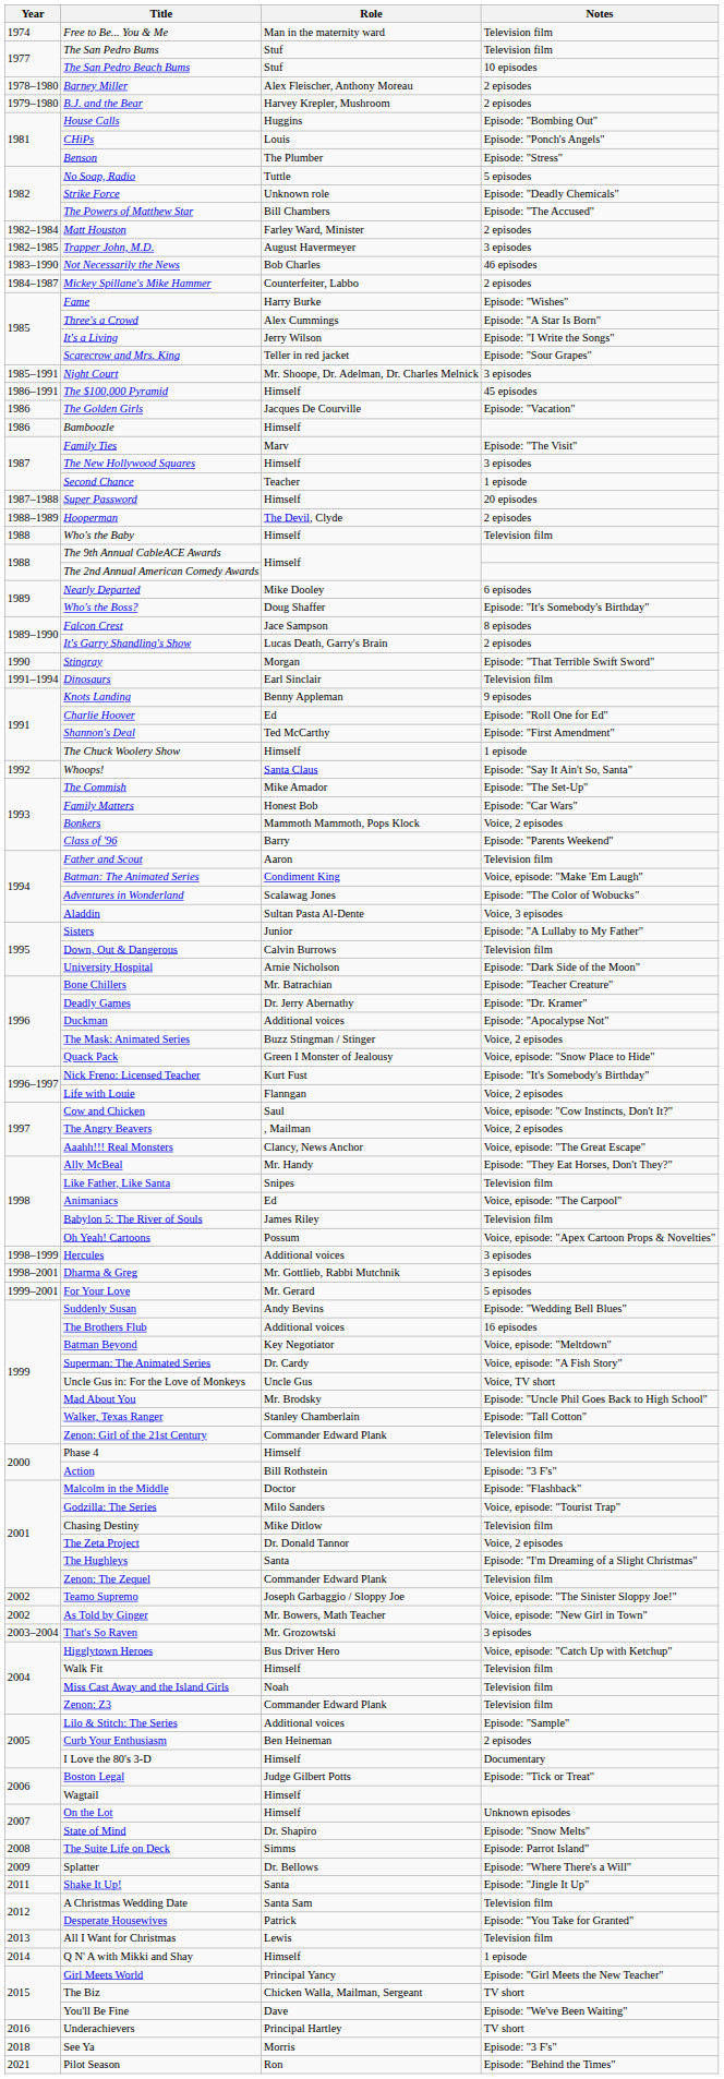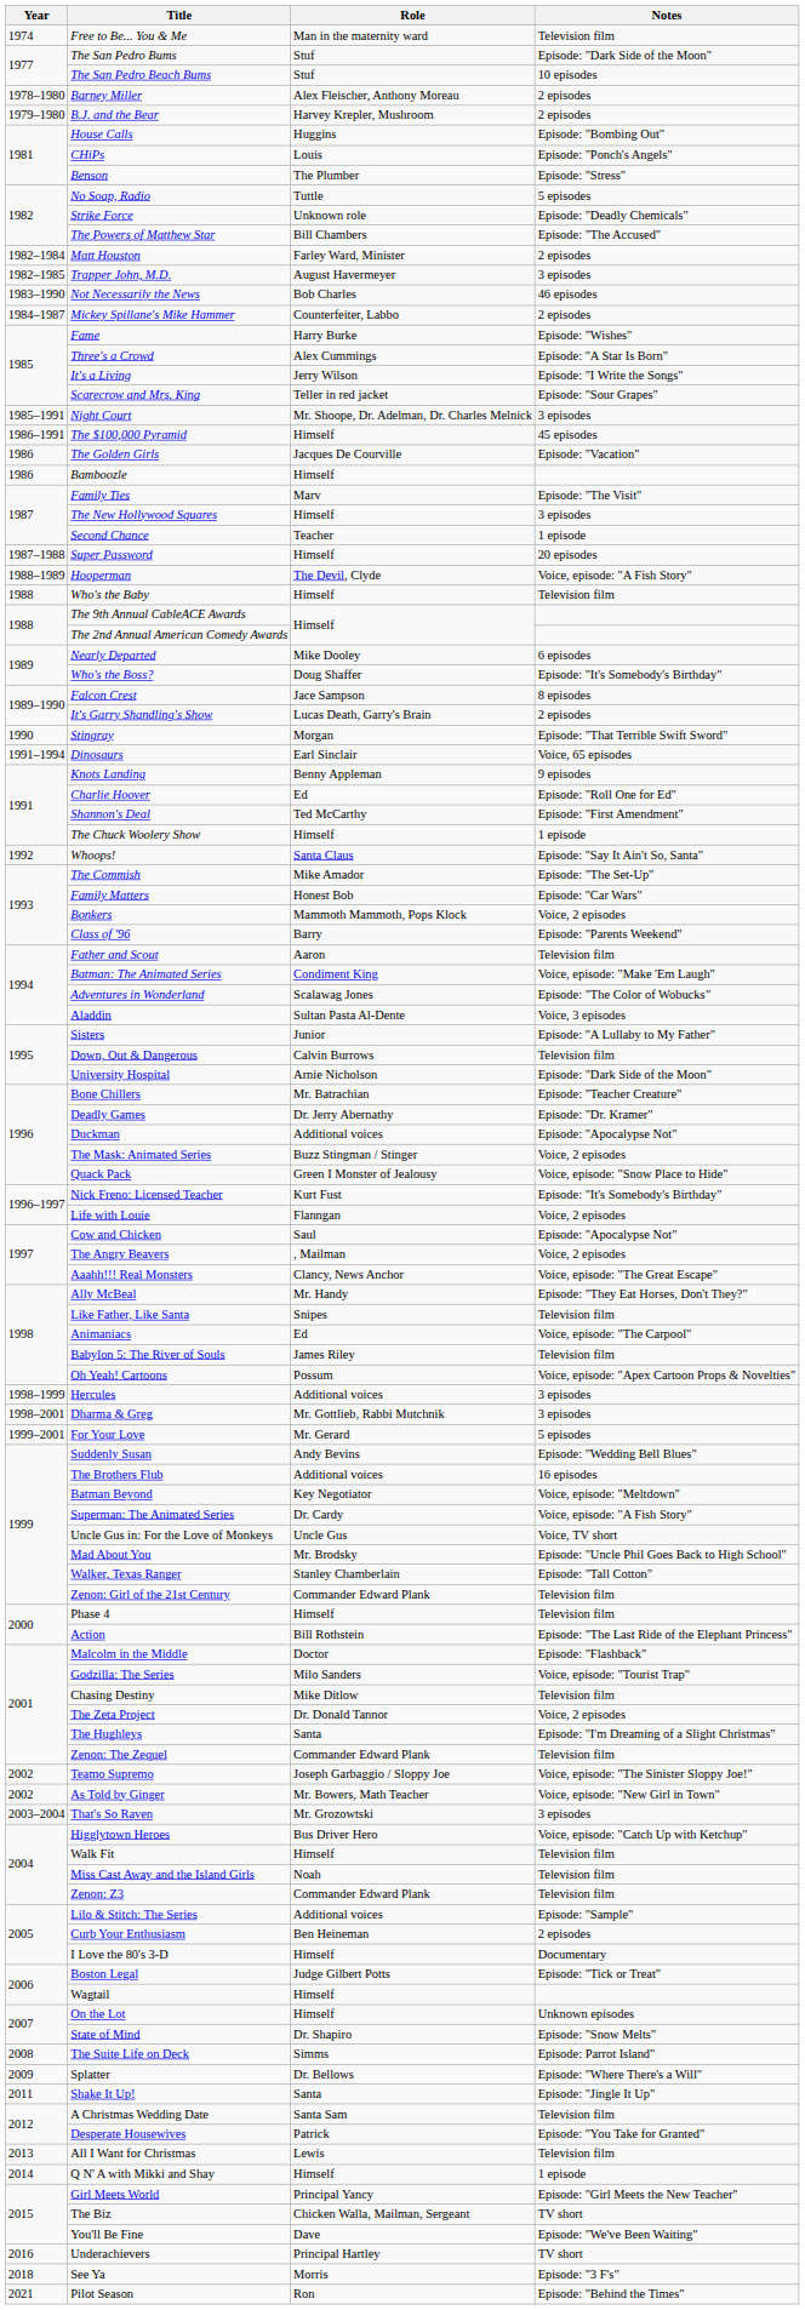 <table class="wikitable sortable">
 <tr>
 <th>Year</th>
 <th>Title</th>
 <th>Role</th>
 <th class="unsortable">Notes</th>
 </tr>
 <tr>
 <td>1974</td>
 <td><em>Free to Be... You & Me</em></td>
 <td>Man in the maternity ward</td>
 <td>Television film</td>
 </tr>
 <tr>
 <td rowspan="2">1977</td>
 <td><em>The San Pedro Bums</em></td>
 <td>Stuf</td>
-<td>Television film</td>
+<td>Episode: "Dark Side of the Moon"</td>
 </tr>
 <tr>
 <td><em><a href='#'>The San Pedro Beach Bums</a></em></td>
 <td>Stuf</td>
 <td>10 episodes</td>
 </tr>
 <tr>
 <td>1978–1980</td>
 <td><em><a href='#'>Barney Miller</a></em></td>
 <td>Alex Fleischer, Anthony Moreau</td>
 <td>2 episodes</td>
 </tr>
 <tr>
 <td>1979–1980</td>
 <td><em><a href='#'>B.J. and the Bear</a></em></td>
 <td>Harvey Krepler, Mushroom</td>
 <td>2 episodes</td>
 </tr>
 <tr>
 <td rowspan="3">1981</td>
 <td><em><a href='#'>House Calls</a></em></td>
 <td>Huggins</td>
 <td>Episode: "Bombing Out"</td>
 </tr>
 <tr>
 <td><em><a href='#'>CHiPs</a></em></td>
 <td>Louis</td>
 <td>Episode: "Ponch's Angels"</td>
 </tr>
 <tr>
 <td><em><a href='#'>Benson</a></em></td>
 <td>The Plumber</td>
 <td>Episode: "Stress"</td>
 </tr>
 <tr>
 <td rowspan="3">1982</td>
 <td><em><a href='#'>No Soap, Radio</a></em></td>
 <td>Tuttle</td>
 <td>5 episodes</td>
 </tr>
 <tr>
 <td><em><a href='#'>Strike Force</a></em></td>
 <td>Unknown role</td>
 <td>Episode: "Deadly Chemicals"</td>
 </tr>
 <tr>
 <td><em><a href='#'>The Powers of Matthew Star</a></em></td>
 <td>Bill Chambers</td>
 <td>Episode: "The Accused"</td>
 </tr>
 <tr>
 <td>1982–1984</td>
 <td><em><a href='#'>Matt Houston</a></em></td>
 <td>Farley Ward, Minister</td>
 <td>2 episodes</td>
 </tr>
 <tr>
 <td>1982–1985</td>
 <td><em><a href='#'>Trapper John, M.D.</a></em></td>
 <td>August Havermeyer</td>
 <td>3 episodes</td>
 </tr>
 <tr>
 <td>1983–1990</td>
 <td><em><a href='#'>Not Necessarily the News</a></em></td>
 <td>Bob Charles</td>
 <td>46 episodes</td>
 </tr>
 <tr>
 <td>1984–1987</td>
 <td><em><a href='#'>Mickey Spillane's Mike Hammer</a></em></td>
 <td>Counterfeiter, Labbo</td>
 <td>2 episodes</td>
 </tr>
 <tr>
 <td rowspan="4">1985</td>
 <td><em><a href='#'>Fame</a></em></td>
 <td>Harry Burke</td>
 <td>Episode: "Wishes"</td>
 </tr>
 <tr>
 <td><em><a href='#'>Three's a Crowd</a></em></td>
 <td>Alex Cummings</td>
 <td>Episode: "A Star Is Born"</td>
 </tr>
 <tr>
 <td><em><a href='#'>It's a Living</a></em></td>
 <td>Jerry Wilson</td>
 <td>Episode: "I Write the Songs"</td>
 </tr>
 <tr>
 <td><em><a href='#'>Scarecrow and Mrs. King</a></em></td>
 <td>Teller in red jacket</td>
 <td>Episode: "Sour Grapes"</td>
 </tr>
 <tr>
 <td>1985–1991</td>
 <td><em><a href='#'>Night Court</a></em></td>
 <td>Mr. Shoope, Dr. Adelman, Dr. Charles Melnick</td>
 <td>3 episodes</td>
 </tr>
 <tr>
 <td>1986–1991</td>
 <td><em><a href='#'>The $100,000 Pyramid</a></em></td>
 <td>Himself</td>
 <td>45 episodes</td>
 </tr>
 <tr>
 <td>1986</td>
 <td><em><a href='#'>The Golden Girls</a></em></td>
 <td>Jacques De Courville</td>
 <td>Episode: "Vacation"</td>
 </tr>
 <tr>
 <td>1986</td>
 <td><em>Bamboozle</em></td>
 <td>Himself</td>
 <td></td>
 </tr>
 <tr>
 <td rowspan="3">1987</td>
 <td><em><a href='#'>Family Ties</a></em></td>
 <td>Marv</td>
 <td>Episode: "The Visit"</td>
 </tr>
 <tr>
 <td><em><a href='#'>The New Hollywood Squares</a></em></td>
 <td>Himself</td>
 <td>3 episodes</td>
 </tr>
 <tr>
 <td><em><a href='#'>Second Chance</a></em></td>
 <td>Teacher</td>
 <td>1 episode</td>
 </tr>
 <tr>
 <td>1987–1988</td>
 <td><em><a href='#'>Super Password</a></em></td>
 <td>Himself</td>
 <td>20 episodes</td>
 </tr>
 <tr>
 <td>1988–1989</td>
 <td><em><a href='#'>Hooperman</a></em></td>
 <td><a href='#'>The Devil</a>, Clyde</td>
-<td>2 episodes</td>
+<td>Voice, episode: "A Fish Story"</td>
 </tr>
 <tr>
 <td>1988</td>
 <td><em>Who's the Baby</em></td>
 <td>Himself</td>
 <td>Television film</td>
 </tr>
 <tr>
 <td rowspan="2">1988</td>
 <td><em>The 9th Annual CableACE Awards</em></td>
 <td rowspan="2">Himself</td>
 <td></td>
 </tr>
 <tr>
 <td><em>The 2nd Annual American Comedy Awards</em></td>
 <td></td>
 </tr>
 <tr>
 <td rowspan="2">1989</td>
 <td><em><a href='#'>Nearly Departed</a></em></td>
 <td>Mike Dooley</td>
 <td>6 episodes</td>
 </tr>
 <tr>
 <td><em><a href='#'>Who's the Boss?</a></em></td>
 <td>Doug Shaffer</td>
 <td>Episode: "It's Somebody's Birthday"</td>
 </tr>
 <tr>
 <td rowspan="2">1989–1990</td>
 <td><em><a href='#'>Falcon Crest</a></em></td>
 <td>Jace Sampson</td>
 <td>8 episodes</td>
 </tr>
 <tr>
 <td><em><a href='#'>It's Garry Shandling's Show</a></em></td>
 <td>Lucas Death, Garry's Brain</td>
 <td>2 episodes</td>
 </tr>
 <tr>
 <td>1990</td>
 <td><em><a href='#'>Stingray</a></em></td>
 <td>Morgan</td>
 <td>Episode: "That Terrible Swift Sword"</td>
 </tr>
 <tr>
 <td>1991–1994</td>
 <td><em><a href='#'>Dinosaurs</a></em></td>
 <td>Earl Sinclair</td>
-<td>Television film</td>
+<td>Voice, 65 episodes</td>
 </tr>
 <tr>
 <td rowspan="4">1991</td>
 <td><em><a href='#'>Knots Landing</a></em></td>
 <td>Benny Appleman</td>
 <td>9 episodes</td>
 </tr>
 <tr>
 <td><em><a href='#'>Charlie Hoover</a></em></td>
 <td>Ed</td>
 <td>Episode: "Roll One for Ed"</td>
 </tr>
 <tr>
 <td><em><a href='#'>Shannon's Deal</a></em></td>
 <td>Ted McCarthy</td>
 <td>Episode: "First Amendment"</td>
 </tr>
 <tr>
 <td><em>The Chuck Woolery Show</em></td>
 <td>Himself</td>
 <td>1 episode</td>
 </tr>
 <tr>
 <td>1992</td>
 <td><em>Whoops!</em></td>
 <td><a href='#'>Santa Claus</a></td>
 <td>Episode: "Say It Ain't So, Santa"</td>
 </tr>
 <tr>
 <td rowspan="4">1993</td>
 <td><em><a href='#'>The Commish</a></em></td>
 <td>Mike Amador</td>
 <td>Episode: "The Set-Up"</td>
 </tr>
 <tr>
 <td><em><a href='#'>Family Matters</a></em></td>
 <td>Honest Bob</td>
 <td>Episode: "Car Wars"</td>
 </tr>
 <tr>
 <td><em><a href='#'>Bonkers</a></em></td>
 <td>Mammoth Mammoth, Pops Klock</td>
 <td>Voice, 2 episodes</td>
 </tr>
 <tr>
 <td><em><a href='#'>Class of '96</a></em></td>
 <td>Barry</td>
 <td>Episode: "Parents Weekend"</td>
 </tr>
 <tr>
 <td rowspan="4">1994</td>
 <td><em><a href='#'>Father and Scout</a></em></td>
 <td>Aaron</td>
 <td>Television film</td>
 </tr>
 <tr>
 <td><em><a href='#'>Batman: The Animated Series</a></em></td>
 <td><a href='#'>Condiment King</a></td>
 <td>Voice, episode: "Make 'Em Laugh"</td>
 </tr>
 <tr>
 <td><em><a href='#'>Adventures in Wonderland</a></em></td>
 <td>Scalawag Jones</td>
 <td>Episode: "The Color of Wobucks<em>"</td>
 </tr>
 <tr>
 <td></em><a href='#'>Aladdin</a><em></td>
 <td>Sultan Pasta Al-Dente</td>
 <td>Voice, 3 episodes</td>
 </tr>
 <tr>
 <td rowspan="3">1995</td>
 <td></em><a href='#'>Sisters</a><em></td>
 <td>Junior</td>
 <td>Episode: "A Lullaby to My Father"</td>
 </tr>
 <tr>
 <td></em><a href='#'>Down, Out & Dangerous</a><em></td>
 <td>Calvin Burrows</td>
 <td>Television film</td>
 </tr>
 <tr>
 <td></em><a href='#'>University Hospital</a><em></td>
 <td>Arnie Nicholson</td>
 <td>Episode: "Dark Side of the Moon"</td>
 </tr>
 <tr>
 <td rowspan="5">1996</td>
 <td></em><a href='#'>Bone Chillers</a><em></td>
 <td>Mr. Batrachian</td>
 <td>Episode: "Teacher Creature"</td>
 </tr>
 <tr>
 <td></em><a href='#'>Deadly Games</a><em></td>
 <td>Dr. Jerry Abernathy</td>
 <td>Episode: "Dr. Kramer"</td>
 </tr>
 <tr>
 <td></em><a href='#'>Duckman</a><em></td>
 <td>Additional voices</td>
 <td>Episode: "Apocalypse Not"</td>
 </tr>
 <tr>
 <td></em><a href='#'>The Mask: Animated Series</a><em></td>
 <td>Buzz Stingman / Stinger</td>
 <td>Voice, 2 episodes</td>
 </tr>
 <tr>
 <td></em><a href='#'>Quack Pack</a><em></td>
 <td>Green I Monster of Jealousy</td>
 <td>Voice, episode: "Snow Place to Hide"</td>
 </tr>
 <tr>
 <td rowspan="2">1996–1997</td>
 <td></em><a href='#'>Nick Freno: Licensed Teacher</a><em></td>
 <td>Kurt Fust</td>
 <td>Episode: "It's Somebody's Birthday"</td>
 </tr>
 <tr>
 <td></em><a href='#'>Life with Louie</a><em></td>
 <td>Flanngan</td>
 <td>Voice, 2 episodes</td>
 </tr>
 <tr>
 <td rowspan="3">1997</td>
 <td></em><a href='#'>Cow and Chicken</a><em></td>
 <td>Saul</td>
-<td>Voice, episode: "Cow Instincts, Don't It?"</td>
+<td>Episode: "Apocalypse Not"</td>
 </tr>
 <tr>
 <td></em><a href='#'>The Angry Beavers</a><em></td>
 <td>, Mailman</td>
 <td>Voice, 2 episodes</td>
 </tr>
 <tr>
 <td></em><a href='#'>Aaahh!!! Real Monsters</a><em></td>
 <td>Clancy, News Anchor</td>
 <td>Voice, episode: "The Great Escape"</td>
 </tr>
 <tr>
 <td rowspan="5">1998</td>
 <td></em><a href='#'>Ally McBeal</a><em></td>
 <td>Mr. Handy</td>
 <td>Episode: "They Eat Horses, Don't They?"</td>
 </tr>
 <tr>
 <td></em><a href='#'>Like Father, Like Santa</a><em></td>
 <td>Snipes</td>
 <td>Television film</td>
 </tr>
 <tr>
 <td></em><a href='#'>Animaniacs</a><em></td>
 <td>Ed</td>
 <td>Voice, episode: "The Carpool"</td>
 </tr>
 <tr>
 <td></em><a href='#'>Babylon 5: The River of Souls</a><em></td>
 <td>James Riley</td>
 <td>Television film</td>
 </tr>
 <tr>
 <td></em><a href='#'>Oh Yeah! Cartoons</a><em></td>
 <td>Possum</td>
 <td>Voice, episode: "Apex Cartoon Props & Novelties"</td>
 </tr>
 <tr>
 <td>1998–1999</td>
 <td></em><a href='#'>Hercules</a><em></td>
 <td>Additional voices</td>
 <td>3 episodes</td>
 </tr>
 <tr>
 <td>1998–2001</td>
 <td></em><a href='#'>Dharma & Greg</a><em></td>
 <td>Mr. Gottlieb, Rabbi Mutchnik</td>
 <td>3 episodes</td>
 </tr>
 <tr>
 <td>1999–2001</td>
 <td></em><a href='#'>For Your Love</a><em></td>
 <td>Mr. Gerard</td>
 <td>5 episodes</td>
 </tr>
 <tr>
 <td rowspan="8">1999</td>
 <td></em><a href='#'>Suddenly Susan</a><em></td>
 <td>Andy Bevins</td>
 <td>Episode: "Wedding Bell Blues"</td>
 </tr>
 <tr>
 <td></em><a href='#'>The Brothers Flub</a><em></td>
 <td>Additional voices</td>
 <td>16 episodes</td>
 </tr>
 <tr>
 <td></em><a href='#'>Batman Beyond</a><em></td>
 <td>Key Negotiator</td>
 <td>Voice, episode: "Meltdown"</td>
 </tr>
 <tr>
 <td></em><a href='#'>Superman: The Animated Series</a><em></td>
 <td>Dr. Cardy</td>
 <td>Voice, episode: "A Fish Story"</td>
 </tr>
 <tr>
 <td></em>Uncle Gus in: For the Love of Monkeys<em></td>
 <td>Uncle Gus</td>
 <td>Voice, TV short</td>
 </tr>
 <tr>
 <td></em><a href='#'>Mad About You</a><em></td>
 <td>Mr. Brodsky</td>
 <td>Episode: "Uncle Phil Goes Back to High School"</td>
 </tr>
 <tr>
 <td></em><a href='#'>Walker, Texas Ranger</a><em></td>
 <td>Stanley Chamberlain</td>
 <td>Episode: "Tall Cotton"</td>
 </tr>
 <tr>
 <td></em><a href='#'>Zenon: Girl of the 21st Century</a><em></td>
 <td>Commander Edward Plank</td>
 <td>Television film</td>
 </tr>
 <tr>
 <td rowspan="2">2000</td>
 <td></em>Phase 4<em></td>
 <td>Himself</td>
 <td>Television film</td>
 </tr>
 <tr>
 <td></em><a href='#'>Action</a><em></td>
 <td>Bill Rothstein</td>
-<td>Episode: "3 F's"</td>
+<td>Episode: "The Last Ride of the Elephant Princess"</td>
 </tr>
 <tr>
 <td rowspan="6">2001</td>
 <td></em><a href='#'>Malcolm in the Middle</a><em></td>
 <td>Doctor</td>
 <td>Episode: "Flashback"</td>
 </tr>
 <tr>
 <td></em><a href='#'>Godzilla: The Series</a><em></td>
 <td>Milo Sanders</td>
 <td>Voice, episode: "Tourist Trap"</td>
 </tr>
 <tr>
 <td></em>Chasing Destiny<em></td>
 <td>Mike Ditlow</td>
 <td>Television film</td>
 </tr>
 <tr>
 <td></em><a href='#'>The Zeta Project</a><em></td>
 <td>Dr. Donald Tannor</td>
 <td>Voice, 2 episodes</td>
 </tr>
 <tr>
 <td></em><a href='#'>The Hughleys</a><em></td>
 <td>Santa</td>
 <td>Episode: "I'm Dreaming of a Slight Christmas"</td>
 </tr>
 <tr>
 <td></em><a href='#'>Zenon: The Zequel</a><em></td>
 <td>Commander Edward Plank</td>
 <td>Television film</td>
 </tr>
 <tr>
 <td>2002</td>
 <td></em><a href='#'>Teamo Supremo</a><em></td>
 <td>Joseph Garbaggio / Sloppy Joe</td>
 <td>Voice, episode: "The Sinister Sloppy Joe!"</td>
 </tr>
 <tr>
 <td>2002</td>
 <td></em><a href='#'>As Told by Ginger</a><em></td>
 <td>Mr. Bowers, Math Teacher</td>
 <td>Voice, episode: "New Girl in Town"</td>
 </tr>
 <tr>
 <td>2003–2004</td>
 <td></em><a href='#'>That's So Raven</a><em></td>
 <td>Mr. Grozowtski</td>
 <td>3 episodes</td>
 </tr>
 <tr>
 <td rowspan="4">2004</td>
 <td></em><a href='#'>Higglytown Heroes</a><em></td>
 <td>Bus Driver Hero</td>
 <td>Voice, episode: "Catch Up with Ketchup"</td>
 </tr>
 <tr>
 <td></em>Walk Fit<em></td>
 <td>Himself</td>
 <td>Television film</td>
 </tr>
 <tr>
 <td></em><a href='#'>Miss Cast Away and the Island Girls</a><em></td>
 <td>Noah</td>
 <td>Television film</td>
 </tr>
 <tr>
 <td></em><a href='#'>Zenon: Z3</a><em></td>
 <td>Commander Edward Plank</td>
 <td>Television film</td>
 </tr>
 <tr>
 <td rowspan="3">2005</td>
 <td></em><a href='#'>Lilo & Stitch: The Series</a><em></td>
 <td>Additional voices</td>
 <td>Episode: "Sample"</td>
 </tr>
 <tr>
 <td></em><a href='#'>Curb Your Enthusiasm</a><em></td>
 <td>Ben Heineman</td>
 <td>2 episodes</td>
 </tr>
 <tr>
 <td></em>I Love the 80's 3-D<em></td>
 <td>Himself</td>
 <td>Documentary</td>
 </tr>
 <tr>
 <td rowspan="2">2006</td>
 <td></em><a href='#'>Boston Legal</a><em></td>
 <td>Judge Gilbert Potts</td>
 <td>Episode: "Tick or Treat"</td>
 </tr>
 <tr>
 <td></em>Wagtail<em></td>
 <td>Himself</td>
 <td></td>
 </tr>
 <tr>
 <td rowspan="2">2007</td>
 <td></em><a href='#'>On the Lot</a><em></td>
 <td>Himself</td>
 <td>Unknown episodes</td>
 </tr>
 <tr>
 <td></em><a href='#'>State of Mind</a><em></td>
 <td>Dr. Shapiro</td>
 <td>Episode: "Snow Melts"</td>
 </tr>
 <tr>
 <td>2008</td>
 <td></em><a href='#'>The Suite Life on Deck</a><em></td>
 <td>Simms</td>
 <td>Episode: Parrot Island"</td>
 </tr>
 <tr>
 <td>2009</td>
 <td></em>Splatter<em></td>
 <td>Dr. Bellows</td>
 <td>Episode: "Where There's a Will"</td>
 </tr>
 <tr>
 <td>2011</td>
 <td></em><a href='#'>Shake It Up!</a><em></td>
 <td>Santa</td>
 <td>Episode: "Jingle It Up"</td>
 </tr>
 <tr>
 <td rowspan="2">2012</td>
 <td></em>A Christmas Wedding Date<em></td>
 <td>Santa Sam</td>
 <td>Television film</td>
 </tr>
 <tr>
 <td></em><a href='#'>Desperate Housewives</a><em></td>
 <td>Patrick</td>
 <td>Episode: "You Take for Granted"</td>
 </tr>
 <tr>
 <td>2013</td>
 <td></em>All I Want for Christmas<em></td>
 <td>Lewis</td>
 <td>Television film</td>
 </tr>
 <tr>
 <td>2014</td>
 <td></em>Q N' A with Mikki and Shay<em></td>
 <td>Himself</td>
 <td>1 episode</td>
 </tr>
 <tr>
 <td rowspan="3">2015</td>
 <td></em><a href='#'>Girl Meets World</a><em></td>
 <td>Principal Yancy</td>
 <td>Episode: "Girl Meets the New Teacher"</td>
 </tr>
 <tr>
 <td></em>The Biz<em></td>
 <td>Chicken Walla, Mailman, Sergeant</td>
 <td>TV short</td>
 </tr>
 <tr>
 <td></em>You'll Be Fine<em></td>
 <td>Dave</td>
 <td>Episode: "We've Been Waiting"</td>
 </tr>
 <tr>
 <td>2016</td>
 <td></em>Underachievers<em></td>
 <td>Principal Hartley</td>
 <td>TV short</td>
 </tr>
 <tr>
 <td>2018</td>
 <td></em>See Ya<em></td>
 <td>Morris</td>
 <td>Episode: "3 F's"</td>
 </tr>
 <tr>
 <td>2021</td>
 <td></em>Pilot Season<em></td>
 <td>Ron</td>
 <td>Episode: "Behind the Times"</td>
 </tr>
 </table>
